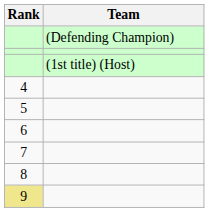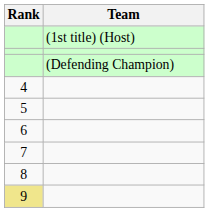 <table class=wikitable style="text-align:center;">
 <tr>
 <th>Rank</th>
 <th width=180>Team</th>
 </tr>
 <tr bgcolor=#CCFFCC>
 <td></td>
-<td align=left> (Defending Champion)</td>
+<td align=left> (1st title) (Host)</td>
 </tr>
 <tr bgcolor=#CCFFCC>
 <td></td>
 <td align=left></td>
 </tr>
 <tr bgcolor=#CCFFCC>
 <td></td>
-<td align=left> (1st title) (Host)</td>
+<td align=left> (Defending Champion)</td>
 </tr>
 <tr>
 <td>4</td>
 <td align=left></td>
 </tr>
 <tr>
 <td>5</td>
 <td align=left></td>
 </tr>
 <tr>
 <td>6</td>
 <td align=left></td>
 </tr>
 <tr>
 <td>7</td>
 <td align=left></td>
 </tr>
 <tr>
 <td>8</td>
 <td align=left></td>
 </tr>
 <tr>
 <td style="background: khaki;">9</td>
 <td align=left></td>
 </tr>
 </table>
